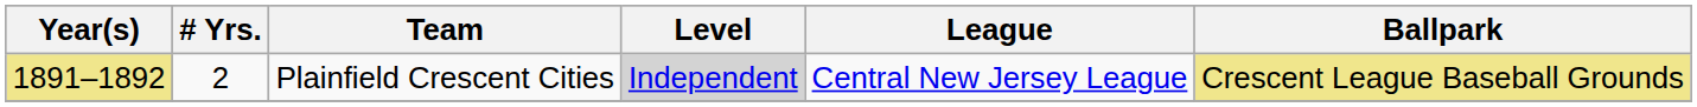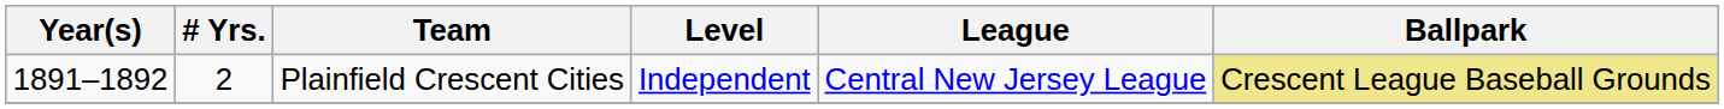 <table class="wikitable" style="text-align:center; font-size: 95%;">
 <tr>
 <th>Year(s)</th>
 <th># Yrs.</th>
 <th>Team</th>
 <th>Level</th>
 <th>League</th>
 <th>Ballpark</th>
 </tr>
 <tr>
-<td style="background: khaki;">1891–1892</td>
+<td>1891–1892</td>
 <td>2</td>
 <td>Plainfield Crescent Cities</td>
-<td style="background: lightgrey;"><a href='#'>Independent</a></td>
+<td><a href='#'>Independent</a></td>
 <td><a href='#'>Central New Jersey League</a></td>
 <td style="background: khaki;">Crescent League Baseball Grounds</td>
 </tr>
 <tr>
 </tr>
 </table>
